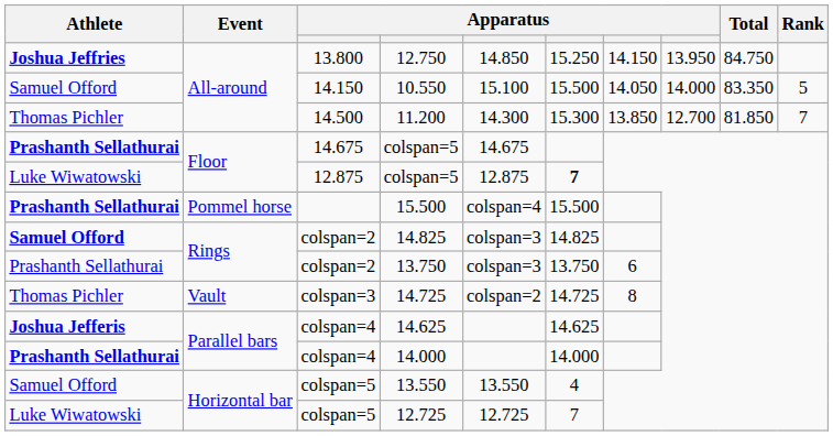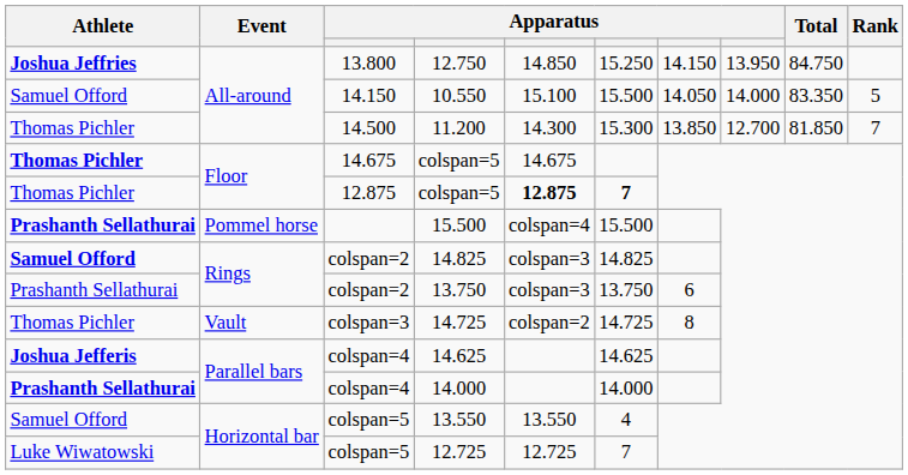 <table class="wikitable" style="font-size:90%">
 <tr>
 <th rowspan=2>Athlete</th>
 <th rowspan=2>Event</th>
 <th colspan =6>Apparatus</th>
 <th rowspan=2>Total</th>
 <th rowspan=2>Rank</th>
 </tr>
 <tr style="font-size:95%">
 <th></th>
 <th></th>
 <th></th>
 <th></th>
 <th></th>
 <th></th>
 </tr>
 <tr align=center>
 <td align=left><strong><a href='#'>Joshua Jeffries</a></strong></td>
 <td align=left rowspan=3><a href='#'>All-around</a></td>
 <td>13.800</td>
 <td>12.750</td>
 <td>14.850</td>
 <td>15.250</td>
 <td>14.150</td>
 <td>13.950</td>
 <td>84.750</td>
 <td></td>
 </tr>
 <tr align=center>
 <td align=left><a href='#'>Samuel Offord</a></td>
 <td>14.150</td>
 <td>10.550</td>
 <td>15.100</td>
 <td>15.500</td>
 <td>14.050</td>
 <td>14.000</td>
 <td>83.350</td>
 <td>5</td>
 </tr>
 <tr align=center>
 <td align=left><a href='#'>Thomas Pichler</a></td>
 <td>14.500</td>
 <td>11.200</td>
 <td>14.300</td>
 <td>15.300</td>
 <td>13.850</td>
 <td>12.700</td>
 <td>81.850</td>
 <td>7</td>
 </tr>
 <tr align=center>
-<td align=left><strong><a href='#'>Prashanth Sellathurai</a></strong></td>
+<td align=left><strong><a href='#'>Thomas Pichler</a></strong></td>
 <td align=left rowspan=2><a href='#'>Floor</a></td>
 <td>14.675</td>
 <td>colspan=5 </td>
 <td>14.675</td>
 <td></td>
 </tr>
 <tr align=center>
-<td align=left><a href='#'>Luke Wiwatowski</a></td>
+<td align=left><a href='#'>Thomas Pichler</a></td>
 <td>12.875</td>
 <td>colspan=5 </td>
-<td>12.875</td>
+<td><strong>12.875</strong></td>
 <td><strong>7</strong></td>
 </tr>
 <tr align=center>
 <td align=left><strong><a href='#'>Prashanth Sellathurai</a></strong></td>
 <td align=left><a href='#'>Pommel horse</a></td>
 <td></td>
 <td>15.500</td>
 <td>colspan=4 </td>
 <td>15.500</td>
 <td></td>
 </tr>
 <tr align=center>
 <td align=left><strong><a href='#'>Samuel Offord</a></strong></td>
 <td align=left rowspan=2><a href='#'>Rings</a></td>
 <td>colspan=2 </td>
 <td>14.825</td>
 <td>colspan=3 </td>
 <td>14.825</td>
 <td></td>
 </tr>
 <tr align=center>
 <td align=left><a href='#'>Prashanth Sellathurai</a></td>
 <td>colspan=2 </td>
 <td>13.750</td>
 <td>colspan=3 </td>
 <td>13.750</td>
 <td>6</td>
 </tr>
 <tr align=center>
 <td align=left><a href='#'>Thomas Pichler</a></td>
 <td align=left><a href='#'>Vault</a></td>
 <td>colspan=3 </td>
 <td>14.725</td>
 <td>colspan=2 </td>
 <td>14.725</td>
 <td>8</td>
 </tr>
 <tr align=center>
 <td align=left><strong><a href='#'>Joshua Jefferis</a></strong></td>
 <td align=left rowspan=2><a href='#'>Parallel bars</a></td>
 <td>colspan=4 </td>
 <td>14.625</td>
 <td></td>
 <td>14.625</td>
 <td></td>
 </tr>
 <tr align=center>
 <td align=left><strong><a href='#'>Prashanth Sellathurai</a></strong></td>
 <td>colspan=4 </td>
 <td>14.000</td>
 <td></td>
 <td>14.000</td>
 <td></td>
 </tr>
 <tr align=center>
 <td align=left><a href='#'>Samuel Offord</a></td>
 <td align=left rowspan=2><a href='#'>Horizontal bar</a></td>
 <td>colspan=5 </td>
 <td>13.550</td>
 <td>13.550</td>
 <td>4</td>
 </tr>
 <tr align=center>
 <td align=left><a href='#'>Luke Wiwatowski</a></td>
 <td>colspan=5 </td>
 <td>12.725</td>
 <td>12.725</td>
 <td>7</td>
 </tr>
 </table>
